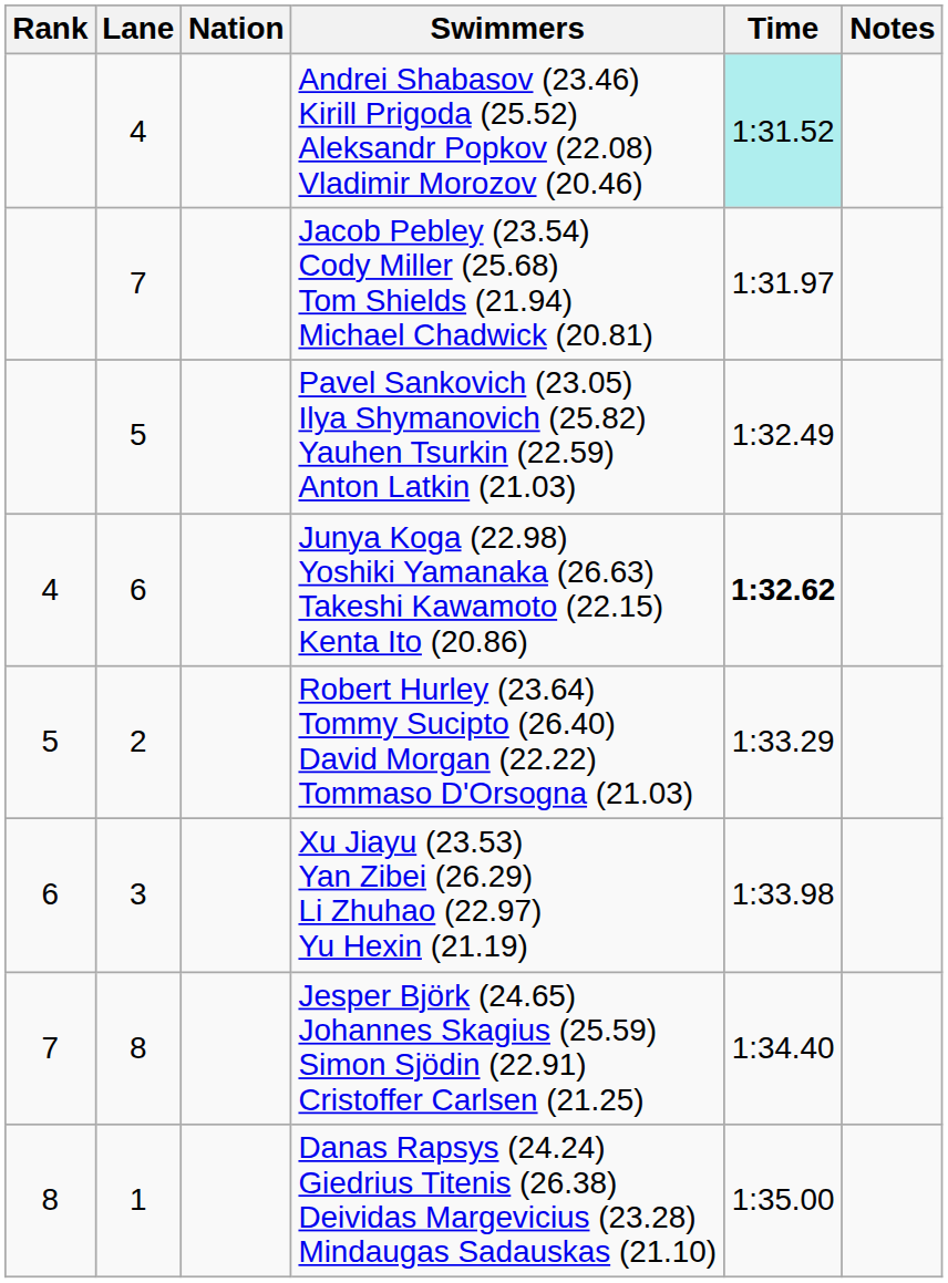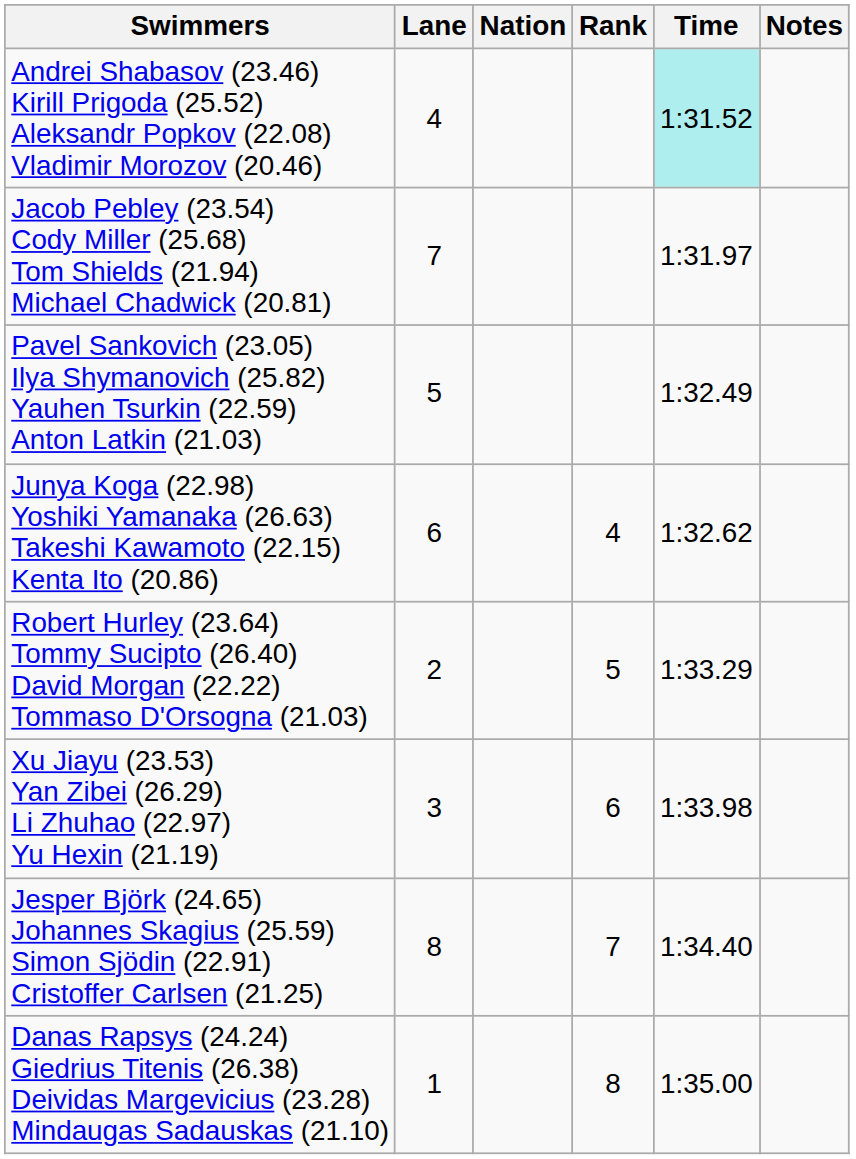 <table class="wikitable sortable" style="text-align:center">
 <tr>
-<th>Rank</th>
+<th>Swimmers</th>
 <th>Lane</th>
 <th>Nation</th>
-<th>Swimmers</th>
+<th>Rank</th>
 <th>Time</th>
 <th>Notes</th>
 </tr>
 <tr>
-<td></td>
+<td align=left><a href='#'>Andrei Shabasov</a> (23.46)<br><a href='#'>Kirill Prigoda</a> (25.52)<br><a href='#'>Aleksandr Popkov</a> (22.08)<br><a href='#'>Vladimir Morozov</a> (20.46)</td>
 <td>4</td>
 <td align=left></td>
-<td align=left><a href='#'>Andrei Shabasov</a> (23.46)<br><a href='#'>Kirill Prigoda</a> (25.52)<br><a href='#'>Aleksandr Popkov</a> (22.08)<br><a href='#'>Vladimir Morozov</a> (20.46)</td>
+<td></td>
 <td style="background: paleturquoise;">1:31.52</td>
 <td></td>
 </tr>
 <tr>
-<td></td>
+<td align=left><a href='#'>Jacob Pebley</a> (23.54)<br><a href='#'>Cody Miller</a> (25.68)<br><a href='#'>Tom Shields</a> (21.94)<br><a href='#'>Michael Chadwick</a> (20.81)</td>
 <td>7</td>
 <td align=left></td>
-<td align=left><a href='#'>Jacob Pebley</a> (23.54)<br><a href='#'>Cody Miller</a> (25.68)<br><a href='#'>Tom Shields</a> (21.94)<br><a href='#'>Michael Chadwick</a> (20.81)</td>
+<td></td>
 <td>1:31.97</td>
 <td></td>
 </tr>
 <tr>
-<td></td>
+<td align=left><a href='#'>Pavel Sankovich</a> (23.05)<br><a href='#'>Ilya Shymanovich</a> (25.82)<br><a href='#'>Yauhen Tsurkin</a> (22.59)<br><a href='#'>Anton Latkin</a> (21.03)</td>
 <td>5</td>
 <td align=left></td>
-<td align=left><a href='#'>Pavel Sankovich</a> (23.05)<br><a href='#'>Ilya Shymanovich</a> (25.82)<br><a href='#'>Yauhen Tsurkin</a> (22.59)<br><a href='#'>Anton Latkin</a> (21.03)</td>
+<td></td>
 <td>1:32.49</td>
 <td></td>
 </tr>
 <tr>
-<td>4</td>
+<td align=left><a href='#'>Junya Koga</a> (22.98)<br><a href='#'>Yoshiki Yamanaka</a> (26.63)<br><a href='#'>Takeshi Kawamoto</a> (22.15)<br><a href='#'>Kenta Ito</a> (20.86)</td>
 <td>6</td>
 <td align=left></td>
-<td align=left><a href='#'>Junya Koga</a> (22.98)<br><a href='#'>Yoshiki Yamanaka</a> (26.63)<br><a href='#'>Takeshi Kawamoto</a> (22.15)<br><a href='#'>Kenta Ito</a> (20.86)</td>
-<td><strong>1:32.62</strong></td>
+<td>4</td>
+<td>1:32.62</td>
 <td></td>
 </tr>
 <tr>
-<td>5</td>
+<td align=left><a href='#'>Robert Hurley</a> (23.64)<br><a href='#'>Tommy Sucipto</a> (26.40)<br><a href='#'>David Morgan</a> (22.22)<br><a href='#'>Tommaso D'Orsogna</a> (21.03)</td>
 <td>2</td>
 <td align=left></td>
-<td align=left><a href='#'>Robert Hurley</a> (23.64)<br><a href='#'>Tommy Sucipto</a> (26.40)<br><a href='#'>David Morgan</a> (22.22)<br><a href='#'>Tommaso D'Orsogna</a> (21.03)</td>
+<td>5</td>
 <td>1:33.29</td>
 <td></td>
 </tr>
 <tr>
-<td>6</td>
+<td align=left><a href='#'>Xu Jiayu</a> (23.53)<br><a href='#'>Yan Zibei</a> (26.29)<br><a href='#'>Li Zhuhao</a> (22.97)<br><a href='#'>Yu Hexin</a> (21.19)</td>
 <td>3</td>
 <td align=left></td>
-<td align=left><a href='#'>Xu Jiayu</a> (23.53)<br><a href='#'>Yan Zibei</a> (26.29)<br><a href='#'>Li Zhuhao</a> (22.97)<br><a href='#'>Yu Hexin</a> (21.19)</td>
+<td>6</td>
 <td>1:33.98</td>
 <td></td>
 </tr>
 <tr>
-<td>7</td>
+<td align=left><a href='#'>Jesper Björk</a> (24.65)<br><a href='#'>Johannes Skagius</a> (25.59)<br><a href='#'>Simon Sjödin</a> (22.91)<br><a href='#'>Cristoffer Carlsen</a> (21.25)</td>
 <td>8</td>
 <td align=left></td>
-<td align=left><a href='#'>Jesper Björk</a> (24.65)<br><a href='#'>Johannes Skagius</a> (25.59)<br><a href='#'>Simon Sjödin</a> (22.91)<br><a href='#'>Cristoffer Carlsen</a> (21.25)</td>
+<td>7</td>
 <td>1:34.40</td>
 <td></td>
 </tr>
 <tr>
-<td>8</td>
+<td align=left><a href='#'>Danas Rapsys</a> (24.24)<br><a href='#'>Giedrius Titenis</a> (26.38)<br><a href='#'>Deividas Margevicius</a> (23.28)<br><a href='#'>Mindaugas Sadauskas</a> (21.10)</td>
 <td>1</td>
 <td align=left></td>
-<td align=left><a href='#'>Danas Rapsys</a> (24.24)<br><a href='#'>Giedrius Titenis</a> (26.38)<br><a href='#'>Deividas Margevicius</a> (23.28)<br><a href='#'>Mindaugas Sadauskas</a> (21.10)</td>
+<td>8</td>
 <td>1:35.00</td>
 <td></td>
 </tr>
 </table>
